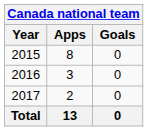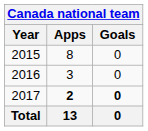 <table class="wikitable" style="text-align:center">
 <tr>
 <th colspan=3><a href='#'>Canada national team</a></th>
 </tr>
 <tr>
 <th>Year</th>
 <th>Apps</th>
 <th>Goals</th>
 </tr>
 <tr>
 <td>2015</td>
 <td>8</td>
 <td>0</td>
 </tr>
 <tr>
 <td>2016</td>
 <td>3</td>
 <td>0</td>
 </tr>
 <tr>
 <td>2017</td>
-<td>2</td>
-<td>0</td>
+<td><strong>2</strong></td>
+<td><strong>0</strong></td>
 </tr>
 <tr>
 <th>Total</th>
 <th>13</th>
 <th>0</th>
 </tr>
 </table>
